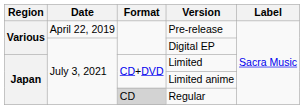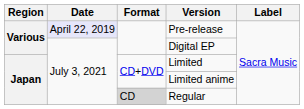 <table class="wikitable plainrowheaders">
 <tr>
 <th scope="col">Region</th>
 <th>Date</th>
 <th>Format</th>
 <th>Version</th>
 <th>Label</th>
 </tr>
 <tr>
 <th scope="row" rowspan="2">Various</th>
-<td>April 22, 2019</td>
+<td style="background: lavender;">April 22, 2019</td>
 <td rowspan="2"></td>
 <td>Pre-release</td>
 <td rowspan="5"><a href='#'>Sacra Music</a></td>
 </tr>
 <tr>
 <td rowspan="4">July 3, 2021</td>
 <td>Digital EP</td>
 </tr>
 <tr>
 <th scope="row" rowspan="3">Japan</th>
 <td rowspan="2"><a href='#'>CD</a>+<a href='#'>DVD</a></td>
 <td>Limited</td>
 </tr>
 <tr>
 <td>Limited anime</td>
 </tr>
 <tr>
 <td style="background: lightgrey;">CD</td>
 <td>Regular</td>
 </tr>
 </table>
